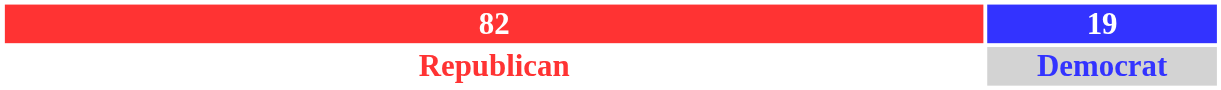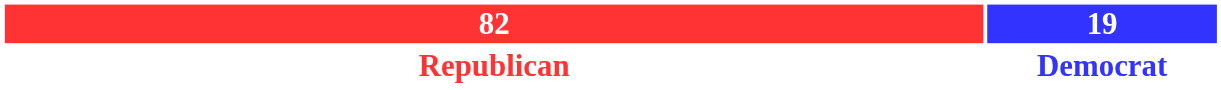 <table style="width:50%">
 <tr>
 <td scope="row" colspan="3" style="text-align:center"></td>
 </tr>
 <tr>
 <td scope="row" style="background:#F33; width:81%; text-align:center; color:white"><strong>82</strong></td>
 <td style="background:#33F; width:19%; text-align:center; color:white"><strong>19</strong></td>
 </tr>
 <tr>
 <td scope="row" style="text-align:center; color:#F33"><strong>Republican</strong></td>
-<td style="background: lightgrey; text-align:center; color:#33F"><strong>Democrat</strong></td>
+<td style="text-align:center; color:#33F"><strong>Democrat</strong></td>
 </tr>
 </table>
